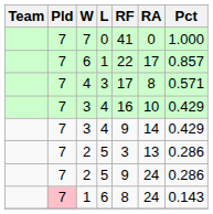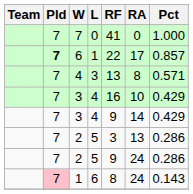 <table class="wikitable">
 <tr>
 <th bgcolor="#efefef"><strong>Team</strong></th>
 <th bgcolor="#efefef"><strong>Pld</strong></th>
 <th bgcolor="#efefef"><strong>W</strong></th>
 <th bgcolor="#efefef"><strong>L</strong></th>
 <th bgcolor="#efefef"><strong>RF</strong></th>
 <th bgcolor="#efefef"><strong>RA</strong></th>
 <th bgcolor="#efefef"><strong>Pct</strong></th>
 </tr>
 <tr align=center bgcolor="#ccffcc">
 <td align=left></td>
 <td>7</td>
 <td>7</td>
 <td>0</td>
 <td>41</td>
 <td>0</td>
 <td>1.000</td>
 </tr>
 <tr align=center bgcolor="#ccffcc">
 <td align=left></td>
-<td>7</td>
+<td><strong>7</strong></td>
 <td>6</td>
 <td>1</td>
 <td>22</td>
 <td>17</td>
 <td>0.857</td>
 </tr>
 <tr align=center bgcolor="#ccffcc">
 <td align=left></td>
 <td>7</td>
 <td>4</td>
 <td>3</td>
-<td>17</td>
+<td>13</td>
 <td>8</td>
 <td>0.571</td>
 </tr>
 <tr align=center bgcolor="#ccffcc">
 <td align=left></td>
 <td>7</td>
 <td>3</td>
 <td>4</td>
 <td>16</td>
 <td>10</td>
 <td>0.429</td>
 </tr>
 <tr align=center>
 <td align=left></td>
 <td>7</td>
 <td>3</td>
 <td>4</td>
 <td>9</td>
 <td>14</td>
 <td>0.429</td>
 </tr>
 <tr align=center>
 <td align=left></td>
 <td>7</td>
 <td>2</td>
 <td>5</td>
 <td>3</td>
 <td>13</td>
 <td>0.286</td>
 </tr>
 <tr align=center>
 <td align=left></td>
 <td>7</td>
 <td>2</td>
 <td>5</td>
 <td>9</td>
 <td>24</td>
 <td>0.286</td>
 </tr>
 <tr align=center>
 <td align=left></td>
 <td style="background: pink;">7</td>
 <td>1</td>
 <td>6</td>
 <td>8</td>
 <td>24</td>
 <td>0.143</td>
 </tr>
 <tr>
 </tr>
 </table>
